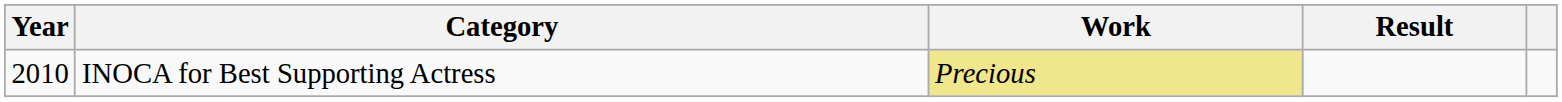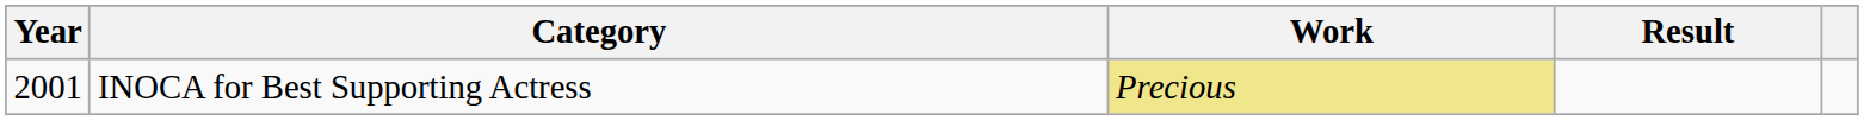 <table class="wikitable">
 <tr>
 <th scope="col" style="width:1em;">Year</th>
 <th scope="col" style="width:44em;">Category</th>
 <th scope="col" style="width:18em;">Work</th>
 <th scope="col" style="width:10em;">Result</th>
 <th class="unsortable" style="width:1em;"></th>
 </tr>
 <tr>
-<td>2010</td>
+<td>2001</td>
 <td>INOCA for Best Supporting Actress</td>
 <td style="background: khaki;"><em>Precious</em></td>
 <td></td>
 <td></td>
 </tr>
 </table>
